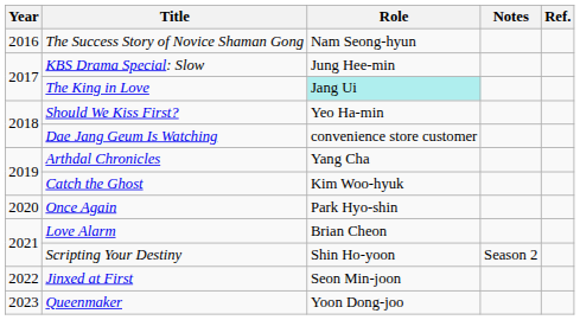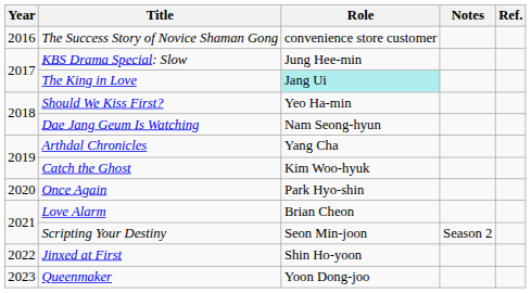 <table class="wikitable sortable">
 <tr>
 <th>Year</th>
 <th>Title</th>
 <th>Role</th>
 <th>Notes</th>
 <th class="unsortable">Ref.</th>
 </tr>
 <tr>
 <td>2016</td>
 <td><em>The Success Story of Novice Shaman Gong</em></td>
-<td>Nam Seong-hyun</td>
+<td>convenience store customer</td>
 <td></td>
 <td></td>
 </tr>
 <tr>
 <td rowspan=2>2017</td>
 <td><em><a href='#'>KBS Drama Special</a>: Slow</em></td>
 <td>Jung Hee-min</td>
 <td></td>
 <td></td>
 </tr>
 <tr>
 <td><em><a href='#'>The King in Love</a></em></td>
 <td style="background: paleturquoise;">Jang Ui</td>
 <td></td>
 <td></td>
 </tr>
 <tr>
 <td rowspan=2>2018</td>
 <td><em><a href='#'>Should We Kiss First?</a></em></td>
 <td>Yeo Ha-min</td>
 <td></td>
 <td></td>
 </tr>
 <tr>
 <td><em><a href='#'>Dae Jang Geum Is Watching</a></em></td>
-<td>convenience store customer</td>
+<td>Nam Seong-hyun</td>
 <td></td>
 <td></td>
 </tr>
 <tr>
 <td rowspan=2>2019</td>
 <td><em><a href='#'>Arthdal Chronicles</a></em></td>
 <td>Yang Cha</td>
 <td></td>
 <td></td>
 </tr>
 <tr>
 <td><em><a href='#'>Catch the Ghost</a></em></td>
 <td>Kim Woo-hyuk</td>
 <td></td>
 <td></td>
 </tr>
 <tr>
 <td>2020</td>
 <td><em><a href='#'>Once Again</a></em></td>
 <td>Park Hyo-shin</td>
 <td></td>
 <td></td>
 </tr>
 <tr>
 <td rowspan=2>2021</td>
 <td><em><a href='#'>Love Alarm</a></em></td>
 <td>Brian Cheon</td>
 <td></td>
 <td></td>
 </tr>
 <tr>
 <td><em>Scripting Your Destiny</em></td>
-<td>Shin Ho-yoon</td>
+<td>Seon Min-joon</td>
 <td>Season 2</td>
 <td></td>
 </tr>
 <tr>
 <td>2022</td>
 <td><em><a href='#'>Jinxed at First</a></em></td>
-<td>Seon Min-joon</td>
+<td>Shin Ho-yoon</td>
 <td></td>
 <td></td>
 </tr>
 <tr>
 <td>2023</td>
 <td><em><a href='#'>Queenmaker</a></em></td>
 <td>Yoon Dong-joo</td>
 <td></td>
 <td></td>
 </tr>
 </table>
